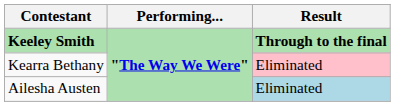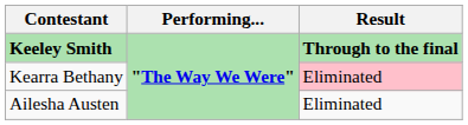 <table class="wikitable">
 <tr>
 <th>Contestant</th>
 <th>Performing...</th>
 <th>Result</th>
 </tr>
 <tr>
 <td style="background:#ACE1AF";><strong>Keeley Smith</strong></td>
 <td style="background:#ACE1AF;"rowspan="3"><strong>"<a href='#'>The Way We Were</a>"</strong></td>
 <td style="background:#ACE1AF;"><strong>Through to the final</strong></td>
 </tr>
 <tr>
 <td>Kearra Bethany</td>
 <td style="background: pink;">Eliminated</td>
 </tr>
 <tr>
 <td>Ailesha Austen</td>
-<td style="background: lightblue;">Eliminated</td>
+<td>Eliminated</td>
 </tr>
 </table>
